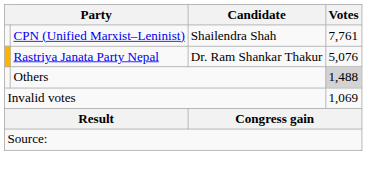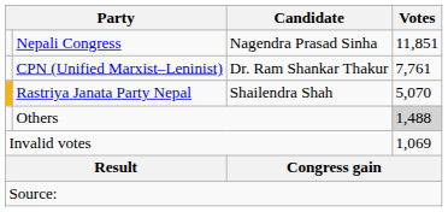 <table class="wikitable">
 <tr>
 <th colspan="2">Party</th>
 <th>Candidate</th>
 <th>Votes</th>
 </tr>
 <tr>
 <td style="background-color:"></td>
+<td><a href='#'>Nepali Congress</a></td>
+<td>Nagendra Prasad Sinha</td>
+<td>11,851</td>
+</tr>
+<tr>
+<td style="background-color:"></td>
 <td><a href='#'>CPN (Unified Marxist–Leninist)</a></td>
-<td>Shailendra Shah</td>
+<td>Dr. Ram Shankar Thakur</td>
 <td>7,761</td>
 </tr>
 <tr>
 <td style="background-color:#ffb300"></td>
 <td><a href='#'>Rastriya Janata Party Nepal</a></td>
-<td>Dr. Ram Shankar Thakur</td>
-<td>5,076</td>
+<td>Shailendra Shah</td>
+<td>5,070</td>
 </tr>
 <tr>
 <td></td>
 <td colspan="2">Others</td>
 <td style="background: lightgrey;">1,488</td>
 </tr>
 <tr>
 <td colspan="3">Invalid votes</td>
 <td>1,069</td>
 </tr>
 <tr>
 <th colspan="2">Result</th>
 <th colspan="2">Congress gain</th>
 </tr>
 <tr>
 <td colspan="4">Source: </td>
 </tr>
 </table>
